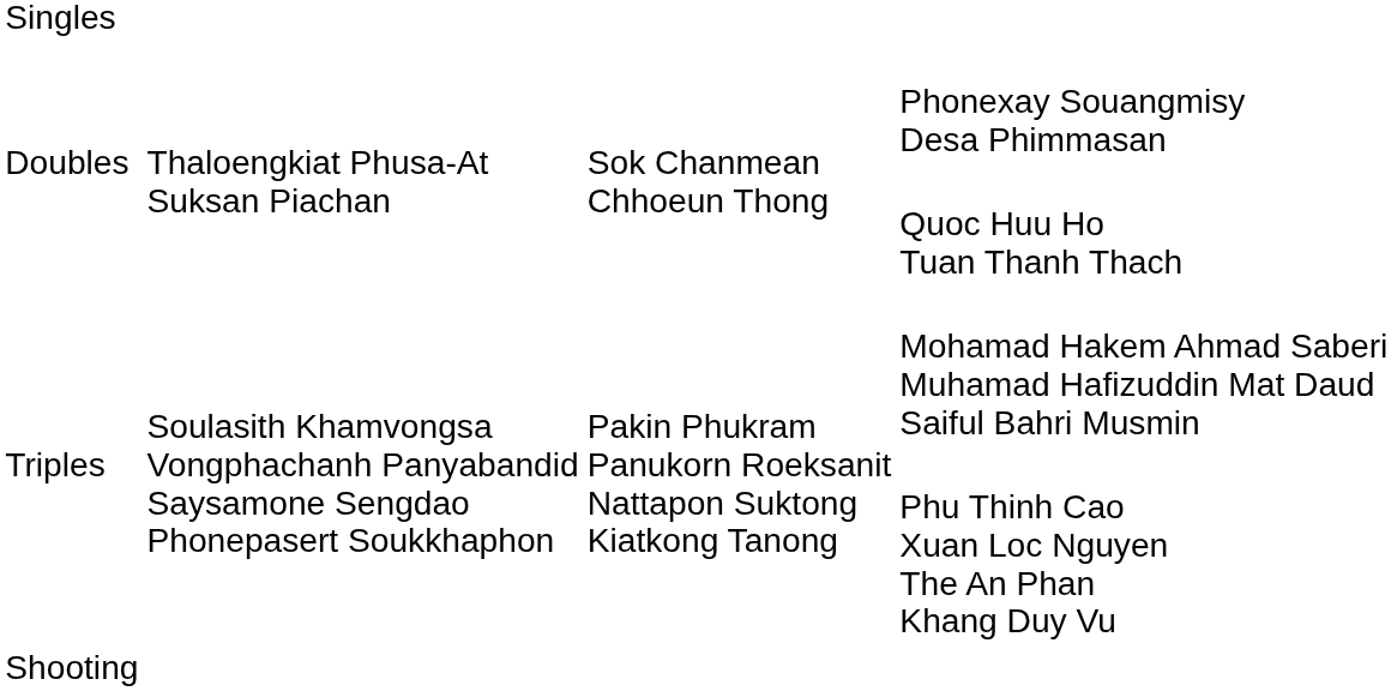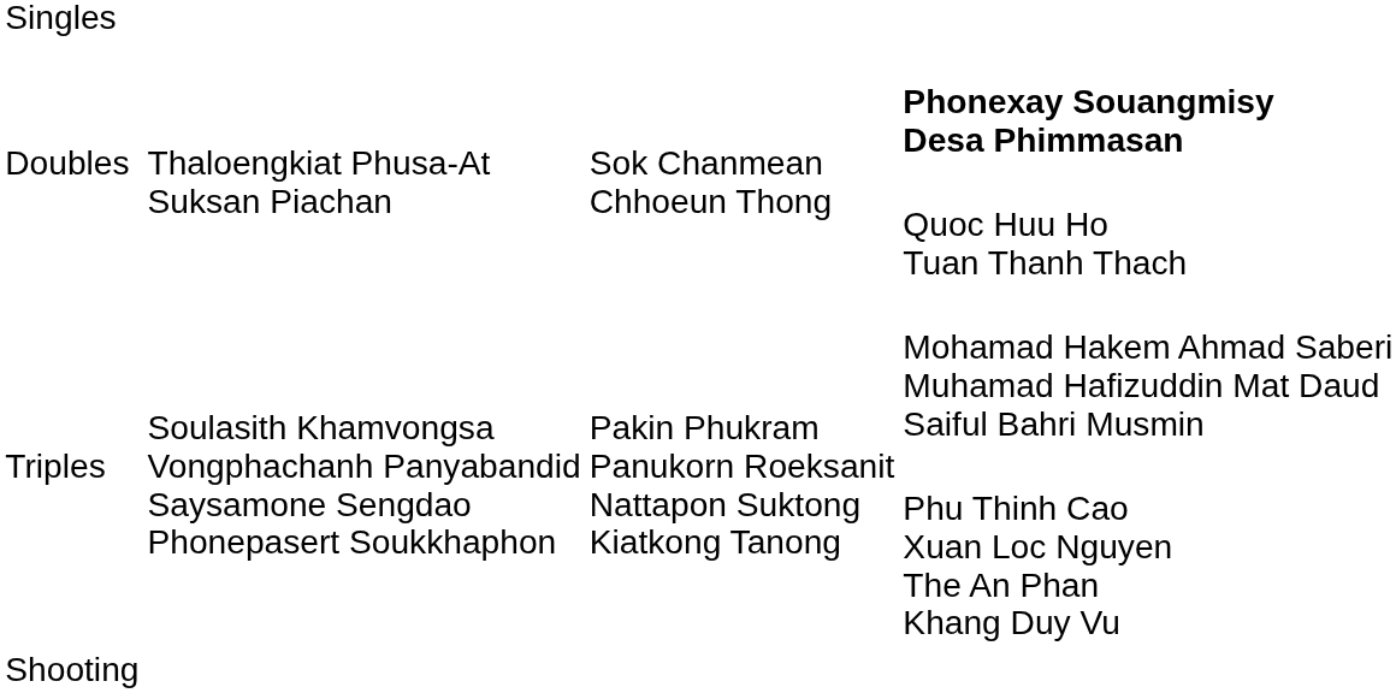 <table>
 <tr>
 <td rowspan=2>Singles</td>
 <td rowspan=2></td>
 <td rowspan=2></td>
 <td></td>
 </tr>
 <tr>
 <td></td>
 </tr>
 <tr>
 <td rowspan=2>Doubles</td>
 <td rowspan=2><br>Thaloengkiat Phusa-At<br>Suksan Piachan</td>
 <td rowspan=2><br>Sok Chanmean<br>Chhoeun Thong</td>
-<td><br>Phonexay Souangmisy<br>Desa Phimmasan</td>
+<td><strong><br>Phonexay Souangmisy<br>Desa Phimmasan</strong></td>
 </tr>
 <tr>
 <td><br>Quoc Huu Ho<br>Tuan Thanh Thach</td>
 </tr>
 <tr>
 <td rowspan=2>Triples</td>
 <td rowspan=2><br>Soulasith Khamvongsa<br>Vongphachanh Panyabandid<br>Saysamone Sengdao<br>Phonepasert Soukkhaphon</td>
 <td rowspan=2><br>Pakin Phukram<br>Panukorn Roeksanit<br>Nattapon Suktong<br>Kiatkong Tanong</td>
 <td><br>Mohamad Hakem Ahmad Saberi<br>Muhamad Hafizuddin Mat Daud<br>Saiful Bahri Musmin</td>
 </tr>
 <tr>
 <td><br>Phu Thinh Cao<br>Xuan Loc Nguyen<br>The An Phan<br>Khang Duy Vu</td>
 </tr>
 <tr>
 <td rowspan=2>Shooting</td>
 <td rowspan=2></td>
 <td rowspan=2></td>
 <td></td>
 </tr>
 <tr>
 <td></td>
 </tr>
 </table>
